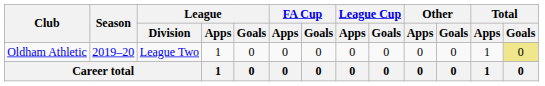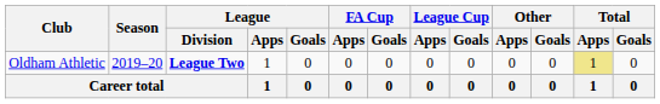 <table class="wikitable" style="text-align: center">
 <tr>
 <th rowspan="2">Club</th>
 <th rowspan="2">Season</th>
 <th colspan="3">League</th>
 <th colspan="2"><a href='#'>FA Cup</a></th>
 <th colspan="2"><a href='#'>League Cup</a></th>
 <th colspan="2">Other</th>
 <th colspan="2">Total</th>
 </tr>
 <tr>
 <th>Division</th>
 <th>Apps</th>
 <th>Goals</th>
 <th>Apps</th>
 <th>Goals</th>
 <th>Apps</th>
 <th>Goals</th>
 <th>Apps</th>
 <th>Goals</th>
 <th>Apps</th>
 <th>Goals</th>
 </tr>
 <tr>
 <td><a href='#'>Oldham Athletic</a></td>
 <td><a href='#'>2019–20</a></td>
-<td><a href='#'>League Two</a></td>
+<td><strong><a href='#'>League Two</a></strong></td>
 <td>1</td>
 <td>0</td>
 <td>0</td>
 <td>0</td>
 <td>0</td>
 <td>0</td>
 <td>0</td>
 <td>0</td>
-<td>1</td>
-<td style="background: khaki;">0</td>
+<td style="background: khaki;">1</td>
+<td>0</td>
 </tr>
 <tr>
 <th colspan="3">Career total</th>
 <th>1</th>
 <th>0</th>
 <th>0</th>
 <th>0</th>
 <th>0</th>
 <th>0</th>
 <th>0</th>
 <th>0</th>
 <th>1</th>
 <th>0</th>
 </tr>
 </table>
